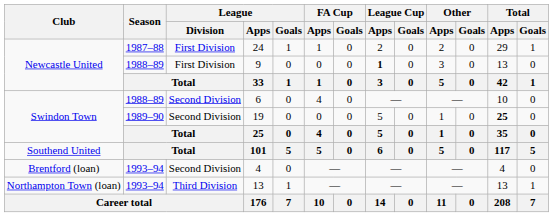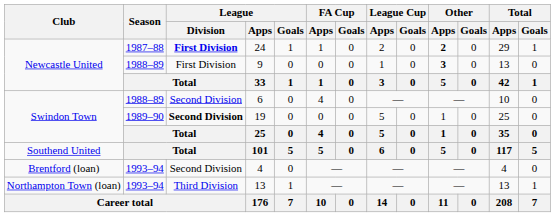 <table class="wikitable" style="text-align: center;">
 <tr>
 <th rowspan="2">Club</th>
 <th rowspan="2">Season</th>
 <th colspan="3">League</th>
 <th colspan="2">FA Cup</th>
 <th colspan="2">League Cup</th>
 <th colspan="2">Other</th>
 <th colspan="2">Total</th>
 </tr>
 <tr>
 <th>Division</th>
 <th>Apps</th>
 <th>Goals</th>
 <th>Apps</th>
 <th>Goals</th>
 <th>Apps</th>
 <th>Goals</th>
 <th>Apps</th>
 <th>Goals</th>
 <th>Apps</th>
 <th>Goals</th>
 </tr>
 <tr>
 <td rowspan="3"><a href='#'>Newcastle United</a></td>
 <td><a href='#'>1987–88</a></td>
-<td><a href='#'>First Division</a></td>
+<td><strong><a href='#'>First Division</a></strong></td>
 <td>24</td>
 <td>1</td>
 <td>1</td>
 <td>0</td>
 <td>2</td>
 <td>0</td>
-<td>2</td>
+<td><strong>2</strong></td>
 <td>0</td>
 <td>29</td>
 <td>1</td>
 </tr>
 <tr>
 <td><a href='#'>1988–89</a></td>
 <td>First Division</td>
 <td>9</td>
 <td>0</td>
 <td>0</td>
 <td>0</td>
-<td><strong>1</strong></td>
+<td>1</td>
 <td>0</td>
-<td>3</td>
+<td><strong>3</strong></td>
 <td>0</td>
 <td>13</td>
 <td>0</td>
 </tr>
 <tr>
 <th colspan="2">Total</th>
 <th>33</th>
 <th>1</th>
 <th>1</th>
 <th>0</th>
 <th>3</th>
 <th>0</th>
 <th>5</th>
 <th>0</th>
 <th>42</th>
 <th>1</th>
 </tr>
 <tr>
 <td rowspan="3"><a href='#'>Swindon Town</a></td>
 <td><a href='#'>1988–89</a></td>
 <td><a href='#'>Second Division</a></td>
 <td>6</td>
 <td>0</td>
 <td>4</td>
 <td>0</td>
 <td colspan="2">—</td>
 <td colspan="2">—</td>
 <td>10</td>
 <td>0</td>
 </tr>
 <tr>
 <td><a href='#'>1989–90</a></td>
-<td>Second Division</td>
+<td><strong>Second Division</strong></td>
 <td>19</td>
 <td>0</td>
 <td>0</td>
 <td>0</td>
 <td>5</td>
 <td>0</td>
 <td>1</td>
 <td>0</td>
-<td><strong>25</strong></td>
+<td>25</td>
 <td>0</td>
 </tr>
 <tr>
 <th colspan="2">Total</th>
 <th>25</th>
 <th>0</th>
 <th>4</th>
 <th>0</th>
 <th>5</th>
 <th>0</th>
 <th>1</th>
 <th>0</th>
 <th>35</th>
 <th>0</th>
 </tr>
 <tr>
 <td><a href='#'>Southend United</a></td>
 <th colspan="2">Total</th>
 <th>101</th>
 <th>5</th>
 <th>5</th>
 <th>0</th>
 <th>6</th>
 <th>0</th>
 <th>5</th>
 <th>0</th>
 <th>117</th>
 <th>5</th>
 </tr>
 <tr>
 <td><a href='#'>Brentford</a> (loan)</td>
 <td><a href='#'>1993–94</a></td>
 <td>Second Division</td>
 <td>4</td>
 <td>0</td>
 <td colspan="2">—</td>
 <td colspan="2">—</td>
 <td colspan="2">—</td>
 <td>4</td>
 <td>0</td>
 </tr>
 <tr>
 <td><a href='#'>Northampton Town</a> (loan)</td>
 <td><a href='#'>1993–94</a></td>
 <td><a href='#'>Third Division</a></td>
 <td>13</td>
 <td>1</td>
 <td colspan="2">—</td>
 <td colspan="2">—</td>
 <td colspan="2">—</td>
 <td>13</td>
 <td>1</td>
 </tr>
 <tr>
 <th colspan="3">Career total</th>
 <th>176</th>
 <th>7</th>
 <th>10</th>
 <th>0</th>
 <th>14</th>
 <th>0</th>
 <th>11</th>
 <th>0</th>
 <th>208</th>
 <th>7</th>
 </tr>
 </table>
